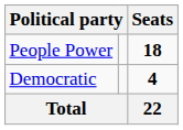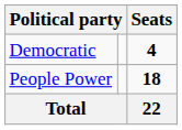 <table class="wikitable">
 <tr>
 <th colspan="2">Political party</th>
 <th>Seats</th>
+</tr>
+<tr>
+<td><a href='#'>Democratic</a></td>
+<td style="background:"></td>
+<td style="text-align: center;"><strong>4</strong></td>
 </tr>
 <tr>
 <td><a href='#'>People Power</a></td>
 <td style="background:"></td>
 <td style="text-align: center;"><strong>18</strong></td>
 </tr>
 <tr>
-<td><a href='#'>Democratic</a></td>
-<td style="background:"></td>
-<td style="text-align: center;"><strong>4</strong></td>
-</tr>
-<tr>
 <th colspan="2">Total</th>
 <th>22</th>
 </tr>
 </table>
